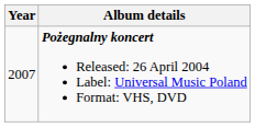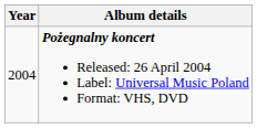 <table class="wikitable" border="1">
 <tr>
 <th>Year</th>
 <th>Album details</th>
 </tr>
 <tr>
-<td>2007</td>
+<td>2004</td>
 <td><strong><em>Pożegnalny koncert</em></strong><br><ul><li>Released: 26 April 2004</li><li>Label: <a href='#'>Universal Music Poland</a></li><li>Format: VHS, DVD</li></ul></td>
 </tr>
 </table>
